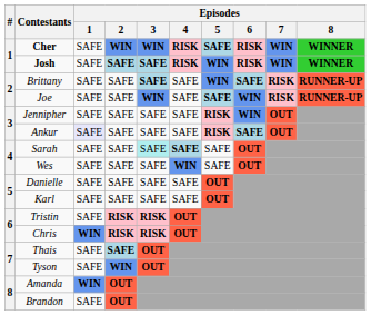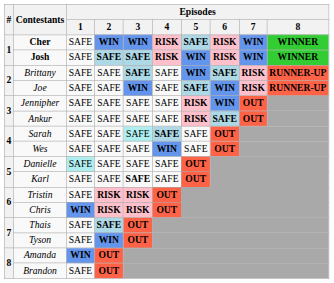 <table class="wikitable" style="text-align:center">
 <tr>
 <th rowspan=2>#</th>
 <th rowspan=2>Contestants</th>
 <th colspan=8>Episodes</th>
 </tr>
 <tr>
 <th>1</th>
 <th>2</th>
 <th>3</th>
 <th>4</th>
 <th>5</th>
 <th>6</th>
 <th>7</th>
 <th>8</th>
 </tr>
 <tr>
 <th rowspan=2>1</th>
 <td><strong>Cher</strong></td>
 <td>SAFE</td>
 <td style="background:cornflowerblue;"><strong>WIN</strong></td>
 <td style="background:cornflowerblue;"><strong>WIN</strong></td>
 <td style="background:pink;"><strong>RISK</strong></td>
 <td style="background:lightblue;"><strong>SAFE</strong></td>
 <td style="background:pink;"><strong>RISK</strong></td>
 <td style="background:cornflowerblue;"><strong>WIN </strong></td>
 <td style="background:limegreen;"><strong>WINNER</strong></td>
 </tr>
 <tr>
 <td><strong>Josh</strong></td>
 <td>SAFE</td>
 <td style="background:lightblue;"><strong>SAFE</strong></td>
 <td style="background:lightblue;"><strong>SAFE</strong></td>
 <td style="background:pink;"><strong>RISK</strong></td>
 <td style="background:cornflowerblue;"><strong>WIN</strong></td>
 <td style="background:pink;"><strong>RISK</strong></td>
 <td style="background:cornflowerblue;"><strong>WIN </strong></td>
 <td style="background:limegreen;"><strong>WINNER</strong></td>
 </tr>
 <tr>
 <th rowspan=2>2</th>
 <td><em>Brittany</em></td>
 <td>SAFE</td>
 <td>SAFE</td>
 <td style="background:lightblue;"><strong>SAFE </strong></td>
 <td>SAFE</td>
 <td style="background:cornflowerblue;"><strong>WIN</strong></td>
 <td style="background:lightblue;"><strong>SAFE</strong></td>
 <td style="background:pink;"><strong>RISK</strong></td>
 <td style="background:tomato;"><strong>RUNNER-UP</strong></td>
 </tr>
 <tr>
 <td><em>Joe</em></td>
 <td>SAFE</td>
 <td>SAFE</td>
 <td style="background:cornflowerblue;"><strong>WIN</strong></td>
 <td>SAFE</td>
 <td style="background:lightblue;"><strong>SAFE </strong></td>
 <td style="background:cornflowerblue;"><strong>WIN </strong></td>
 <td style="background:pink;"><strong>RISK </strong></td>
 <td style="background:tomato;"><strong>RUNNER-UP</strong></td>
 </tr>
 <tr>
 <th rowspan=2>3</th>
 <td><em>Jennipher</em></td>
 <td>SAFE</td>
 <td>SAFE</td>
 <td>SAFE</td>
 <td>SAFE</td>
 <td style="background:pink;"><strong>RISK</strong></td>
 <td style="background:cornflowerblue;"><strong>WIN</strong></td>
 <td style="background:tomato;"><strong>OUT</strong></td>
 <td style="background:darkgray;"></td>
 </tr>
 <tr>
 <td><em>Ankur</em></td>
-<td style="background: lavender;">SAFE</td>
+<td>SAFE</td>
 <td>SAFE</td>
 <td>SAFE</td>
 <td>SAFE</td>
 <td style="background:pink;"><strong>RISK </strong></td>
 <td style="background:lightblue;"><strong>SAFE</strong></td>
 <td style="background:tomato;"><strong>OUT</strong></td>
 <td style="background:darkgray;"></td>
 </tr>
 <tr>
 <th rowspan=2>4</th>
 <td><em>Sarah</em></td>
 <td>SAFE</td>
 <td>SAFE</td>
 <td style="background: paleturquoise;">SAFE</td>
 <td style="background:lightblue;"><strong>SAFE</strong></td>
 <td>SAFE</td>
 <td style="background:tomato;"><strong>OUT</strong></td>
 <td style="background:darkgray;" colspan="4"></td>
 </tr>
 <tr>
 <td><em>Wes</em></td>
 <td>SAFE</td>
 <td>SAFE</td>
 <td>SAFE</td>
 <td style="background:cornflowerblue;"><strong>WIN </strong></td>
 <td>SAFE</td>
 <td style="background:tomato;"><strong>OUT</strong></td>
 <td style="background:darkgray;" colspan="4"></td>
 </tr>
 <tr>
 <th rowspan=2>5</th>
 <td><em>Danielle</em></td>
-<td>SAFE</td>
+<td style="background: paleturquoise;">SAFE</td>
 <td>SAFE</td>
 <td>SAFE</td>
 <td>SAFE</td>
 <td style="background:tomato;"><strong>OUT</strong></td>
 <td style="background:darkgray;" colspan="5"></td>
 </tr>
 <tr>
 <td><em>Karl</em></td>
 <td>SAFE</td>
 <td>SAFE</td>
-<td>SAFE</td>
+<td><strong>SAFE</strong></td>
 <td>SAFE</td>
 <td style="background:tomato;"><strong>OUT</strong></td>
 <td style="background:darkgray;" colspan="5"></td>
 </tr>
 <tr>
 <th rowspan=2>6</th>
 <td><em>Tristin</em></td>
 <td>SAFE</td>
 <td style="background:pink;"><strong>RISK</strong></td>
 <td style="background:pink;"><strong>RISK</strong></td>
 <td style="background:tomato;"><strong>OUT</strong></td>
 <td style="background:darkgray;" colspan="6"></td>
 </tr>
 <tr>
 <td><em>Chris</em></td>
 <td style="background:cornflowerblue;"><strong>WIN</strong></td>
 <td style="background:pink;"><strong>RISK </strong></td>
 <td style="background:pink;"><strong>RISK</strong></td>
 <td style="background:tomato;"><strong>OUT</strong></td>
 <td style="background:darkgray;" colspan="6"></td>
 </tr>
 <tr>
 <th rowspan=2>7</th>
 <td><em>Thais</em></td>
 <td>SAFE</td>
 <td style="background:lightblue;"><strong>SAFE</strong></td>
 <td style="background:tomato;"><strong>OUT</strong></td>
 <td style="background:darkgray;" colspan="7"></td>
 </tr>
 <tr>
 <td><em>Tyson</em></td>
 <td>SAFE</td>
 <td style="background:cornflowerblue;"><strong>WIN</strong></td>
 <td style="background:tomato;"><strong>OUT</strong></td>
 <td style="background:darkgray;" colspan="7"></td>
 </tr>
 <tr>
 <th rowspan=2>8</th>
 <td><em>Amanda</em></td>
 <td style="background:cornflowerblue;"><strong>WIN</strong></td>
 <td style="background:tomato;"><strong>OUT</strong></td>
 <td style="background:darkgray;" colspan="8"></td>
 </tr>
 <tr>
 <td><em>Brandon</em></td>
 <td>SAFE</td>
 <td style="background:tomato;"><strong>OUT</strong></td>
 <td style="background:darkgray;" colspan="8"></td>
 </tr>
 </table>
